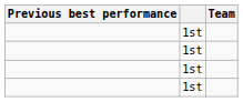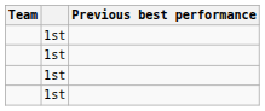 <table class="wikitable sortable">
 <tr>
+<th>Team</th>
+<th data-sort-type="number"></th>
 <th>Previous best performance</th>
-<th data-sort-type="number"></th>
-<th>Team</th>
 </tr>
 <tr>
 <td></td>
 <td style="text-align:center">1st</td>
 <td></td>
 </tr>
 <tr>
 <td></td>
 <td style="text-align:center">1st</td>
 <td></td>
 </tr>
 <tr>
 <td></td>
 <td style="text-align:center">1st</td>
 <td></td>
 </tr>
 <tr>
 <td></td>
 <td style="text-align:center">1st</td>
 <td></td>
 </tr>
 </table>
